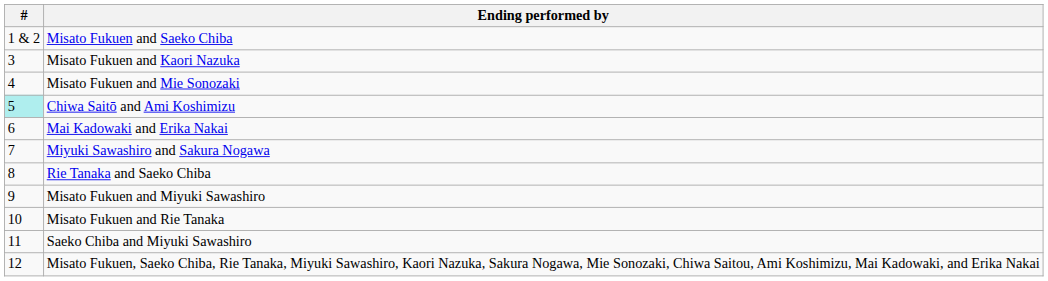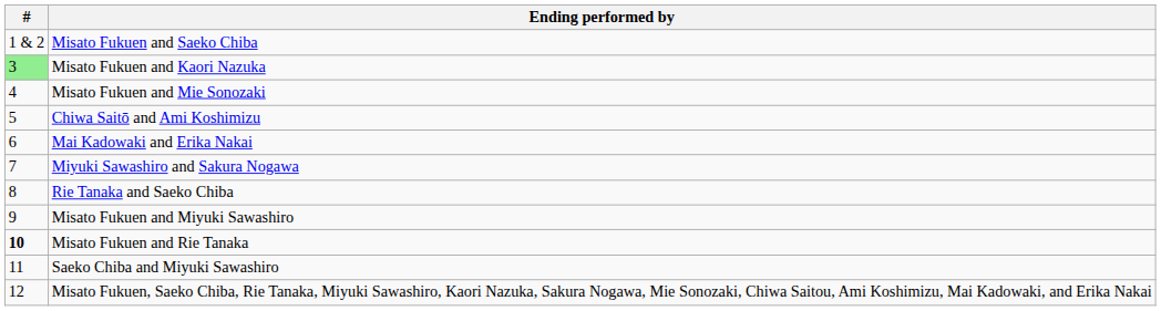 <table class="wikitable">
 <tr>
 <th>#</th>
 <th>Ending performed by</th>
 </tr>
 <tr>
 <td>1 & 2</td>
 <td><a href='#'>Misato Fukuen</a> and <a href='#'>Saeko Chiba</a></td>
 </tr>
 <tr>
-<td>3</td>
+<td style="background: lightgreen;">3</td>
 <td>Misato Fukuen and <a href='#'>Kaori Nazuka</a></td>
 </tr>
 <tr>
 <td>4</td>
 <td>Misato Fukuen and <a href='#'>Mie Sonozaki</a></td>
 </tr>
 <tr>
-<td style="background: paleturquoise;">5</td>
+<td>5</td>
 <td><a href='#'>Chiwa Saitō</a> and <a href='#'>Ami Koshimizu</a></td>
 </tr>
 <tr>
 <td>6</td>
 <td><a href='#'>Mai Kadowaki</a> and <a href='#'>Erika Nakai</a></td>
 </tr>
 <tr>
 <td>7</td>
 <td><a href='#'>Miyuki Sawashiro</a> and <a href='#'>Sakura Nogawa</a></td>
 </tr>
 <tr>
 <td>8</td>
 <td><a href='#'>Rie Tanaka</a> and Saeko Chiba</td>
 </tr>
 <tr>
 <td>9</td>
 <td>Misato Fukuen and Miyuki Sawashiro</td>
 </tr>
 <tr>
-<td>10</td>
+<td><strong>10</strong></td>
 <td>Misato Fukuen and Rie Tanaka</td>
 </tr>
 <tr>
 <td>11</td>
 <td>Saeko Chiba and Miyuki Sawashiro</td>
 </tr>
 <tr>
 <td>12</td>
 <td>Misato Fukuen, Saeko Chiba, Rie Tanaka, Miyuki Sawashiro, Kaori Nazuka, Sakura Nogawa, Mie Sonozaki, Chiwa Saitou, Ami Koshimizu, Mai Kadowaki, and Erika Nakai</td>
 </tr>
 </table>
